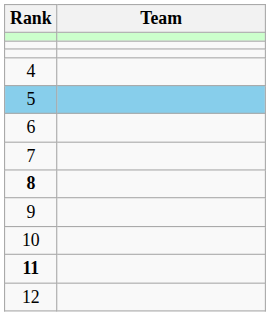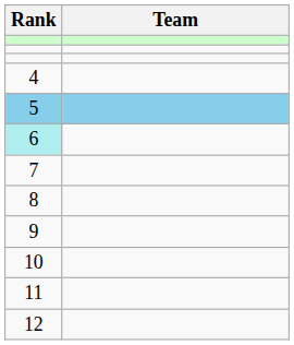 <table class="wikitable" style="text-align:center;">
 <tr>
 <th width=40>Rank</th>
 <th width=180>Team</th>
 </tr>
 <tr bgcolor=#ccffcc>
 <td></td>
 <td style="text-align:left;"></td>
 </tr>
 <tr>
 <td></td>
 <td style="text-align:left;"></td>
 </tr>
 <tr>
 <td></td>
 <td style="text-align:left;"></td>
 </tr>
 <tr>
 <td>4</td>
 <td style="text-align:left;"></td>
 </tr>
 <tr bgcolor=#87ceeb>
 <td>5</td>
 <td style="text-align:left;"></td>
 </tr>
 <tr>
-<td>6</td>
+<td style="background: paleturquoise;">6</td>
 <td style="text-align:left;"></td>
 </tr>
 <tr>
 <td>7</td>
 <td style="text-align:left;"></td>
 </tr>
 <tr>
-<td><strong>8</strong></td>
+<td>8</td>
 <td style="text-align:left;"></td>
 </tr>
 <tr>
 <td>9</td>
 <td style="text-align:left;"></td>
 </tr>
 <tr>
 <td>10</td>
 <td style="text-align:left;"></td>
 </tr>
 <tr>
-<td><strong>11</strong></td>
+<td>11</td>
 <td style="text-align:left;"></td>
 </tr>
 <tr>
 <td>12</td>
 <td style="text-align:left;"></td>
 </tr>
 </table>
